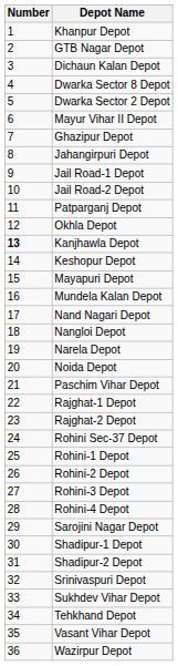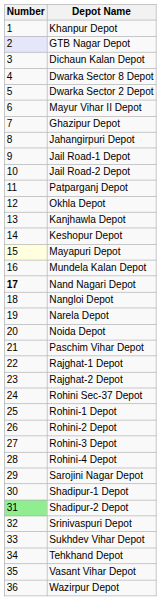 <table class="wikitable">
 <tr style="font-weight:bold; text-align:center; vertical-align:bottom;">
 <th>Number</th>
 <th>Depot Name</th>
 </tr>
 <tr>
 <td>1</td>
 <td>Khanpur Depot</td>
 </tr>
 <tr>
-<td>2</td>
+<td style="background: lavender;">2</td>
 <td>GTB Nagar Depot</td>
 </tr>
 <tr>
 <td>3</td>
 <td>Dichaun Kalan Depot</td>
 </tr>
 <tr>
 <td>4</td>
 <td>Dwarka Sector 8 Depot</td>
 </tr>
 <tr>
 <td>5</td>
 <td>Dwarka Sector 2 Depot</td>
 </tr>
 <tr>
 <td>6</td>
 <td>Mayur Vihar II Depot</td>
 </tr>
 <tr>
 <td>7</td>
 <td>Ghazipur Depot</td>
 </tr>
 <tr>
 <td>8</td>
 <td>Jahangirpuri Depot</td>
 </tr>
 <tr>
 <td>9</td>
 <td>Jail Road-1 Depot</td>
 </tr>
 <tr>
 <td>10</td>
 <td>Jail Road-2 Depot</td>
 </tr>
 <tr>
 <td>11</td>
 <td>Patparganj Depot</td>
 </tr>
 <tr>
 <td>12</td>
 <td>Okhla Depot</td>
 </tr>
 <tr>
-<td><strong>13</strong></td>
+<td>13</td>
 <td>Kanjhawla Depot</td>
 </tr>
 <tr>
 <td>14</td>
 <td>Keshopur Depot</td>
 </tr>
 <tr>
-<td>15</td>
+<td style="background: lightyellow;">15</td>
 <td>Mayapuri Depot</td>
 </tr>
 <tr>
 <td>16</td>
 <td>Mundela Kalan Depot</td>
 </tr>
 <tr>
-<td>17</td>
+<td><strong>17</strong></td>
 <td>Nand Nagari Depot</td>
 </tr>
 <tr>
 <td>18</td>
 <td>Nangloi Depot</td>
 </tr>
 <tr>
 <td>19</td>
 <td>Narela Depot</td>
 </tr>
 <tr>
 <td>20</td>
 <td>Noida Depot</td>
 </tr>
 <tr>
 <td>21</td>
 <td>Paschim Vihar Depot</td>
 </tr>
 <tr>
 <td>22</td>
 <td>Rajghat-1 Depot</td>
 </tr>
 <tr>
 <td>23</td>
 <td>Rajghat-2 Depot</td>
 </tr>
 <tr>
 <td>24</td>
 <td>Rohini Sec-37 Depot</td>
 </tr>
 <tr>
 <td>25</td>
 <td>Rohini-1 Depot</td>
 </tr>
 <tr>
 <td>26</td>
 <td>Rohini-2 Depot</td>
 </tr>
 <tr>
 <td>27</td>
 <td>Rohini-3 Depot</td>
 </tr>
 <tr>
 <td>28</td>
 <td>Rohini-4 Depot</td>
 </tr>
 <tr>
 <td>29</td>
 <td>Sarojini Nagar Depot</td>
 </tr>
 <tr>
 <td>30</td>
 <td>Shadipur-1 Depot</td>
 </tr>
 <tr>
-<td>31</td>
+<td style="background: lightgreen;">31</td>
 <td>Shadipur-2 Depot</td>
 </tr>
 <tr>
 <td>32</td>
 <td>Srinivaspuri Depot</td>
 </tr>
 <tr>
 <td>33</td>
 <td>Sukhdev Vihar Depot</td>
 </tr>
 <tr>
 <td>34</td>
 <td>Tehkhand Depot</td>
 </tr>
 <tr>
 <td>35</td>
 <td>Vasant Vihar Depot</td>
 </tr>
 <tr>
 <td>36</td>
 <td>Wazirpur Depot</td>
 </tr>
 </table>
